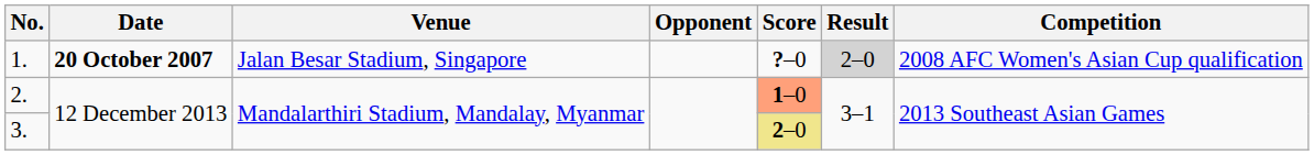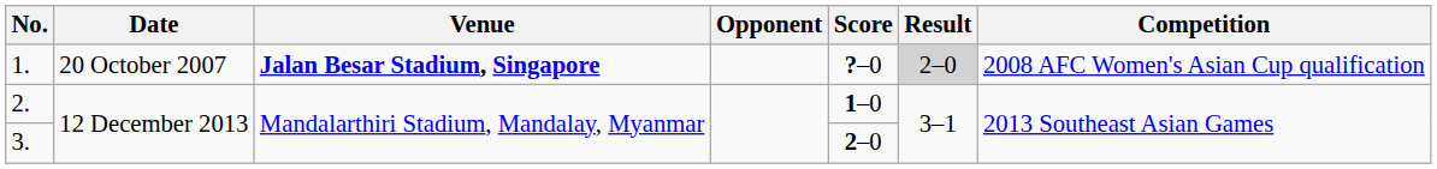 <table class="wikitable">
 <tr>
 <th>No.</th>
 <th>Date</th>
 <th>Venue</th>
 <th>Opponent</th>
 <th>Score</th>
 <th>Result</th>
 <th>Competition</th>
 </tr>
 <tr>
 <td>1.</td>
-<td><strong>20 October 2007</strong></td>
-<td><a href='#'>Jalan Besar Stadium</a>, <a href='#'>Singapore</a></td>
+<td>20 October 2007</td>
+<td><strong><a href='#'>Jalan Besar Stadium</a>, <a href='#'>Singapore</a></strong></td>
 <td></td>
 <td align=center><strong>?</strong>–0</td>
 <td align=center style="background: lightgrey;">2–0</td>
 <td><a href='#'>2008 AFC Women's Asian Cup qualification</a></td>
 </tr>
 <tr>
 <td>2.</td>
 <td rowspan="2">12 December 2013</td>
 <td rowspan="2"><a href='#'>Mandalarthiri Stadium</a>, <a href='#'>Mandalay</a>, <a href='#'>Myanmar</a></td>
 <td rowspan="2"></td>
-<td align=center style="background: lightsalmon;"><strong>1</strong>–0</td>
+<td align=center><strong>1</strong>–0</td>
 <td rowspan="2" align=center>3–1</td>
 <td rowspan="2"><a href='#'>2013 Southeast Asian Games</a></td>
 </tr>
 <tr>
 <td>3.</td>
-<td align=center style="background: khaki;"><strong>2</strong>–0</td>
+<td align=center><strong>2</strong>–0</td>
 </tr>
 </table>
